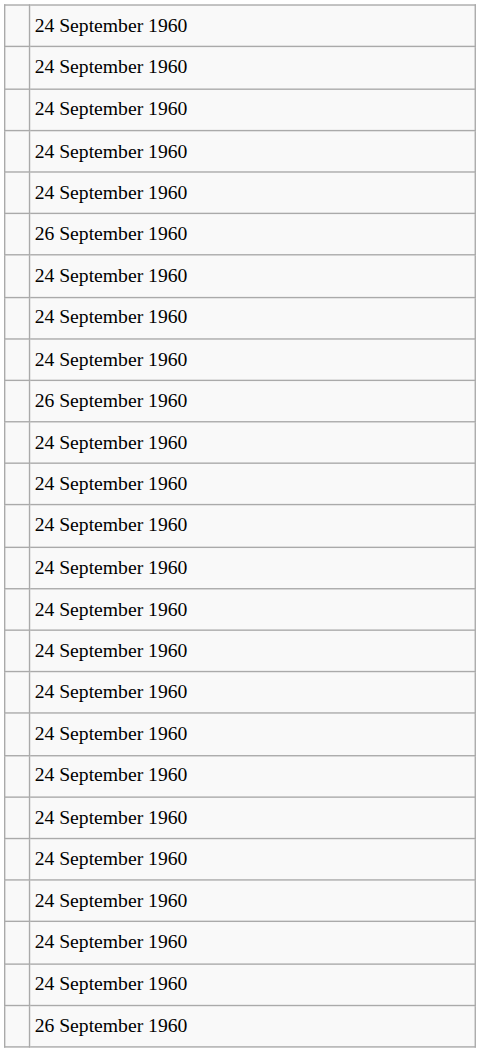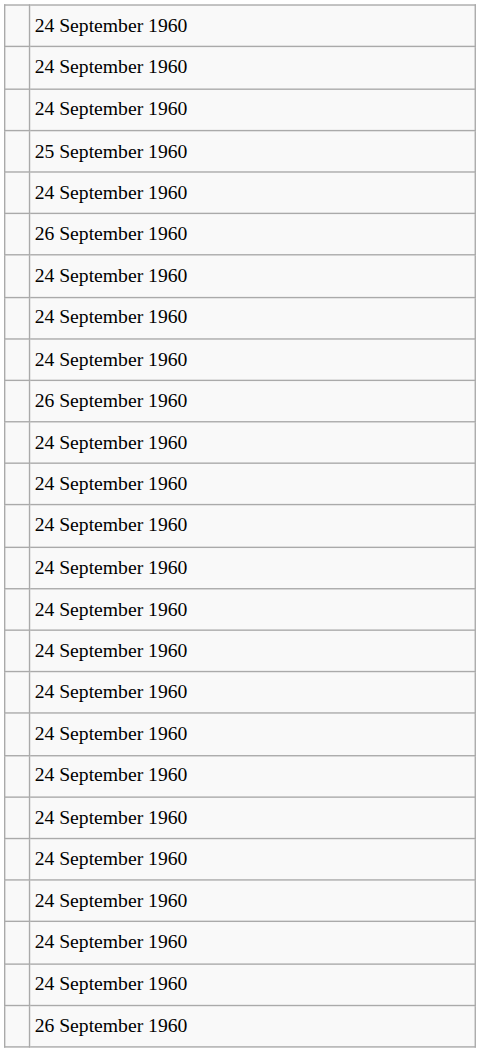 <table class="wikitable" style="font-size: 89%; float: left; width: 24em; margin-right: 1em; line-height: 1.65em">
 <tr>
 <td></td>
 <td>24 September 1960</td>
 </tr>
 <tr>
 <td></td>
 <td>24 September 1960</td>
 </tr>
 <tr>
 <td></td>
 <td>24 September 1960</td>
 </tr>
 <tr>
 <td></td>
-<td>24 September 1960</td>
+<td>25 September 1960</td>
 </tr>
 <tr>
 <td></td>
 <td>24 September 1960</td>
 </tr>
 <tr>
 <td></td>
 <td>26 September 1960</td>
 </tr>
 <tr>
 <td></td>
 <td>24 September 1960</td>
 </tr>
 <tr>
 <td></td>
 <td>24 September 1960</td>
 </tr>
 <tr>
 <td></td>
 <td>24 September 1960</td>
 </tr>
 <tr>
 <td></td>
 <td>26 September 1960</td>
 </tr>
 <tr>
 <td></td>
 <td>24 September 1960</td>
 </tr>
 <tr>
 <td></td>
 <td>24 September 1960</td>
 </tr>
 <tr>
 <td></td>
 <td>24 September 1960</td>
 </tr>
 <tr>
 <td></td>
 <td>24 September 1960</td>
 </tr>
 <tr>
 <td></td>
 <td>24 September 1960</td>
 </tr>
 <tr>
 <td></td>
 <td>24 September 1960</td>
 </tr>
 <tr>
 <td></td>
 <td>24 September 1960</td>
 </tr>
 <tr>
 <td></td>
 <td>24 September 1960</td>
 </tr>
 <tr>
 <td></td>
 <td>24 September 1960</td>
 </tr>
 <tr>
 <td></td>
 <td>24 September 1960</td>
 </tr>
 <tr>
 <td></td>
 <td>24 September 1960</td>
 </tr>
 <tr>
 <td></td>
 <td>24 September 1960</td>
 </tr>
 <tr>
 <td></td>
 <td>24 September 1960</td>
 </tr>
 <tr>
 <td></td>
 <td>24 September 1960</td>
 </tr>
 <tr>
 <td></td>
 <td>26 September 1960</td>
 </tr>
 </table>
